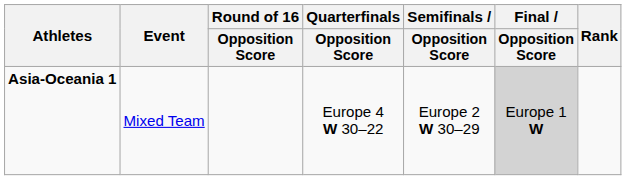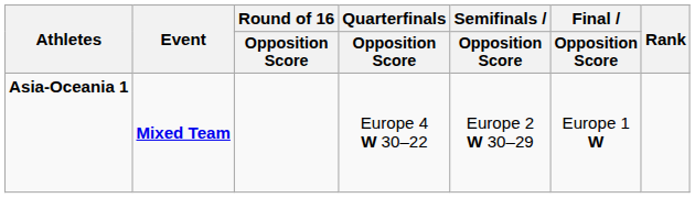 <table class=wikitable style="font-size:90%">
 <tr>
 <th rowspan="2">Athletes</th>
 <th rowspan="2">Event</th>
 <th>Round of 16</th>
 <th>Quarterfinals</th>
 <th>Semifinals / </th>
 <th>Final / </th>
 <th rowspan=2>Rank</th>
 </tr>
 <tr style="font-size:95%">
 <th>Opposition<br>Score</th>
 <th>Opposition<br>Score</th>
 <th>Opposition<br>Score</th>
 <th>Opposition<br>Score</th>
 </tr>
 <tr align=center>
 <td align=left><strong>Asia-Oceania 1</strong> <br>  <br>  <br>  <br> <br>  <br> </td>
-<td align=left><a href='#'>Mixed Team</a></td>
+<td align=left><strong><a href='#'>Mixed Team</a></strong></td>
 <td></td>
 <td>Europe 4<br><strong>W</strong> 30–22</td>
 <td>Europe 2<br><strong>W</strong> 30–29</td>
-<td style="background: lightgrey;">Europe 1<br><strong>W</strong></td>
+<td>Europe 1<br><strong>W</strong></td>
 <td></td>
 </tr>
 </table>
